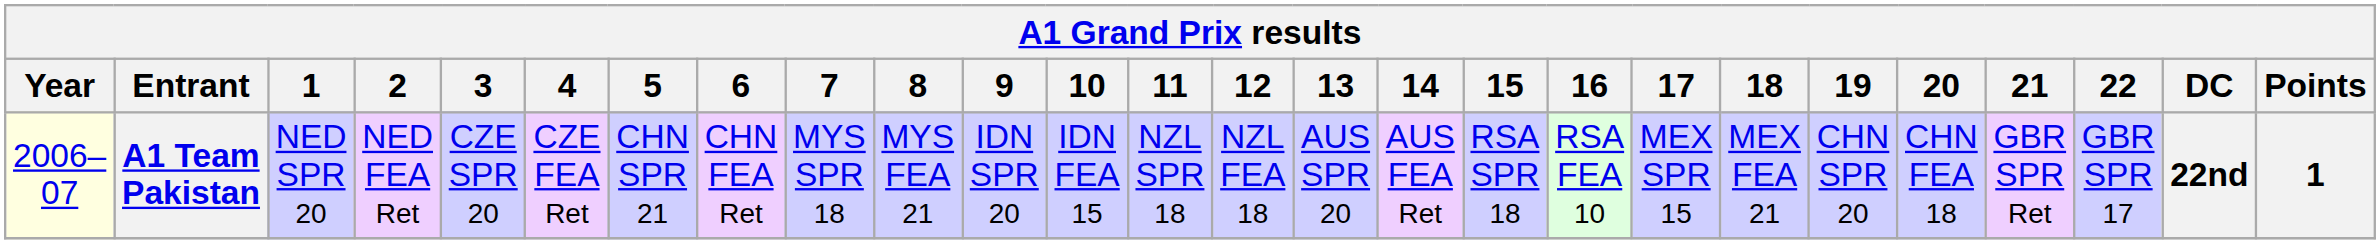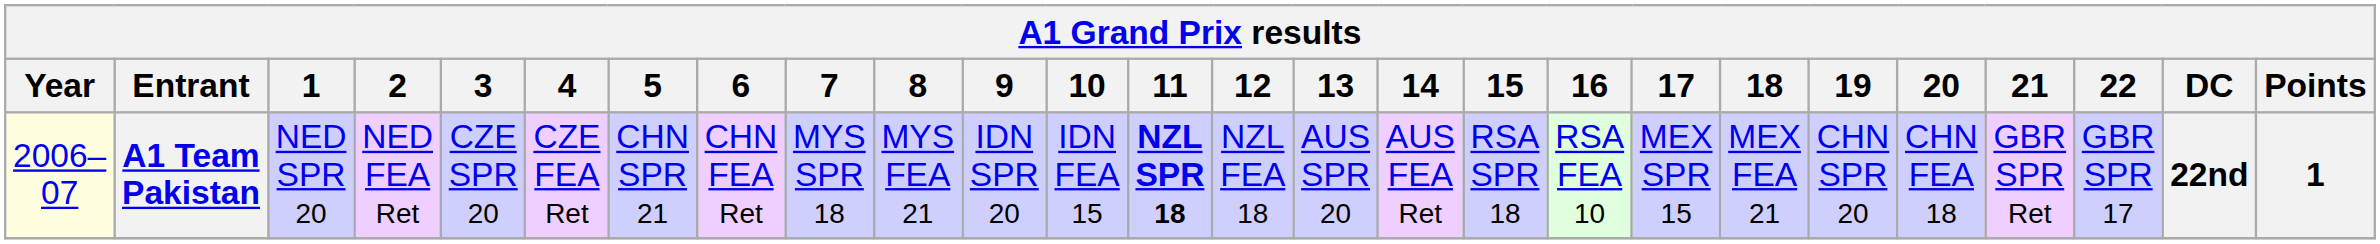 <table class="wikitable" style="text-align:center; font-size:90%">
 <tr>
 <th colspan=42><a href='#'>A1 Grand Prix</a> results</th>
 </tr>
 <tr>
 <th>Year</th>
 <th>Entrant</th>
 <th>1</th>
 <th>2</th>
 <th>3</th>
 <th>4</th>
 <th>5</th>
 <th>6</th>
 <th>7</th>
 <th>8</th>
 <th>9</th>
 <th>10</th>
 <th>11</th>
 <th>12</th>
 <th>13</th>
 <th>14</th>
 <th>15</th>
 <th>16</th>
 <th>17</th>
 <th>18</th>
 <th>19</th>
 <th>20</th>
 <th>21</th>
 <th>22</th>
 <th>DC</th>
 <th>Points</th>
 </tr>
 <tr>
 <td style="background: lightyellow;"><a href='#'>2006–07</a></td>
 <th><a href='#'>A1 Team Pakistan</a></th>
 <td style="background:#CFCFFF;"><a href='#'>NED<br>SPR</a><br><small>20</small></td>
 <td style="background:#EFCFFF;"><a href='#'>NED<br>FEA</a><br><small>Ret</small></td>
 <td style="background:#CFCFFF;"><a href='#'>CZE<br>SPR</a><br><small>20</small></td>
 <td style="background:#EFCFFF;"><a href='#'>CZE<br>FEA</a><br><small>Ret</small></td>
 <td style="background:#CFCFFF;"><a href='#'>CHN<br>SPR</a><br><small>21</small></td>
 <td style="background:#EFCFFF;"><a href='#'>CHN<br>FEA</a><br><small>Ret</small></td>
 <td style="background:#CFCFFF;"><a href='#'>MYS<br>SPR</a><br><small>18</small></td>
 <td style="background:#CFCFFF;"><a href='#'>MYS<br>FEA</a><br><small>21</small></td>
 <td style="background:#CFCFFF;"><a href='#'>IDN<br>SPR</a><br><small>20</small></td>
 <td style="background:#CFCFFF;"><a href='#'>IDN<br>FEA</a><br><small>15</small></td>
-<td style="background:#CFCFFF;"><a href='#'>NZL<br>SPR</a><br><small>18</small></td>
+<td style="background:#CFCFFF;"><strong><a href='#'>NZL<br>SPR</a><br><small>18</small></strong></td>
 <td style="background:#CFCFFF;"><a href='#'>NZL<br>FEA</a><br><small>18</small></td>
 <td style="background:#CFCFFF;"><a href='#'>AUS<br>SPR</a><br><small>20</small></td>
 <td style="background:#EFCFFF;"><a href='#'>AUS<br>FEA</a><br><small>Ret</small></td>
 <td style="background:#CFCFFF;"><a href='#'>RSA<br>SPR</a><br><small>18</small></td>
 <td style="background:#DFFFDF;"><a href='#'>RSA<br>FEA</a><br><small>10</small></td>
 <td style="background:#CFCFFF;"><a href='#'>MEX<br>SPR</a><br><small>15</small></td>
 <td style="background:#CFCFFF;"><a href='#'>MEX<br>FEA</a><br><small>21</small></td>
 <td style="background:#CFCFFF;"><a href='#'>CHN<br>SPR</a><br><small>20</small></td>
 <td style="background:#CFCFFF;"><a href='#'>CHN<br>FEA</a><br><small>18</small></td>
 <td style="background:#EFCFFF;"><a href='#'>GBR<br>SPR</a><br><small>Ret</small></td>
 <td style="background:#CFCFFF;"><a href='#'>GBR<br>SPR</a><br><small>17</small></td>
 <th>22nd</th>
 <th>1</th>
 </tr>
 <tr>
 </tr>
 </table>
